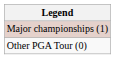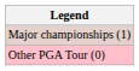 <table class="wikitable" style="font-size:95%;">
 <tr>
 <th>Legend</th>
 </tr>
 <tr style="background:#e5d1cb;">
 <td>Major championships (1)</td>
 </tr>
 <tr>
-<td>Other PGA Tour (0)</td>
+<td style="background: pink;">Other PGA Tour (0)</td>
 </tr>
 </table>
